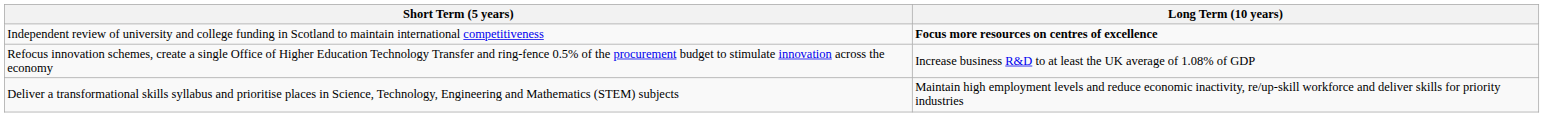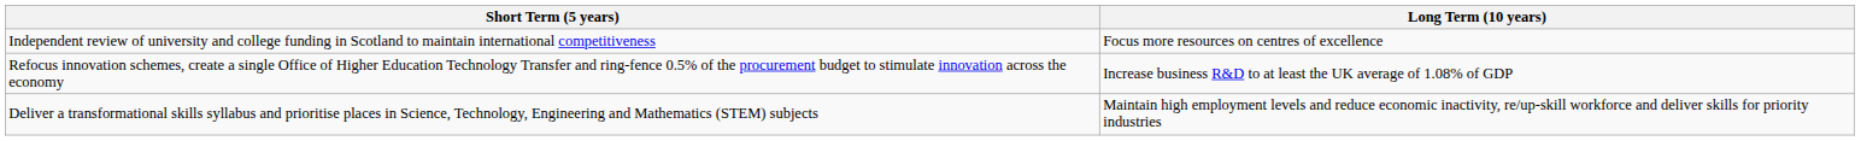 <table class="wikitable">
 <tr>
 <th>Short Term (5 years)</th>
 <th>Long Term (10 years)</th>
 </tr>
 <tr>
 <td>Independent review of university and college funding in Scotland to maintain international <a href='#'>competitiveness</a></td>
-<td><strong>Focus more resources on centres of excellence</strong></td>
+<td>Focus more resources on centres of excellence</td>
 </tr>
 <tr>
 <td>Refocus innovation schemes, create a single Office of Higher Education Technology Transfer and ring-fence 0.5% of the <a href='#'>procurement</a> budget to stimulate <a href='#'>innovation</a> across the economy</td>
 <td>Increase business <a href='#'>R&D</a> to at least the UK average of 1.08% of GDP</td>
 </tr>
 <tr>
 <td>Deliver a transformational skills syllabus and prioritise places in Science, Technology, Engineering and Mathematics (STEM) subjects</td>
 <td>Maintain high employment levels and reduce economic inactivity, re/up-skill workforce and deliver skills for priority industries</td>
 </tr>
 </table>
